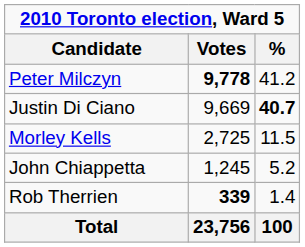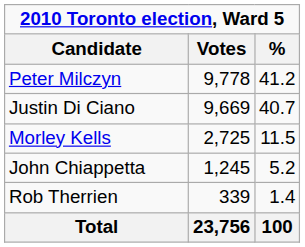 <table class="wikitable">
 <tr>
 <td Colspan="3" align="center"><strong><a href='#'>2010 Toronto election</a>, Ward 5</strong></td>
 </tr>
 <tr>
 <th bgcolor="#DDDDFF" width="150px">Candidate</th>
 <th bgcolor="#DDDDFF">Votes</th>
 <th bgcolor="#DDDDFF">%</th>
 </tr>
 <tr>
 <td><a href='#'>Peter Milczyn</a></td>
-<td align=right><strong>9,778</strong></td>
+<td align=right>9,778</td>
 <td align=right>41.2</td>
 </tr>
 <tr>
 <td>Justin Di Ciano</td>
 <td align=right>9,669</td>
-<td align=right><strong>40.7</strong></td>
+<td align=right>40.7</td>
 </tr>
 <tr>
 <td><a href='#'>Morley Kells</a></td>
 <td align=right>2,725</td>
 <td align=right>11.5</td>
 </tr>
 <tr>
 <td>John Chiappetta</td>
 <td align=right>1,245</td>
 <td align=right>5.2</td>
 </tr>
 <tr>
 <td>Rob Therrien</td>
-<td align=right><strong>339</strong></td>
+<td align=right>339</td>
 <td align=right>1.4</td>
 </tr>
 <tr>
 <th>Total</th>
 <th align=right>23,756</th>
 <th align=right>100</th>
 </tr>
 </table>
